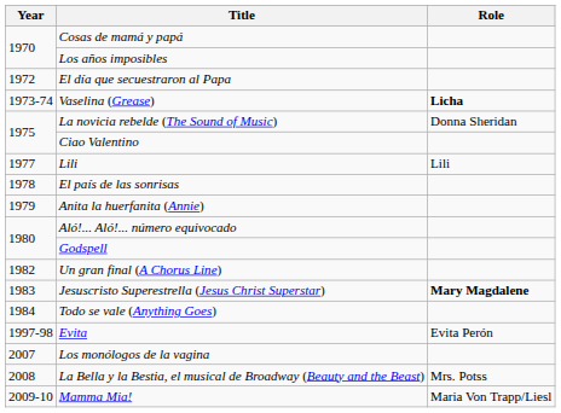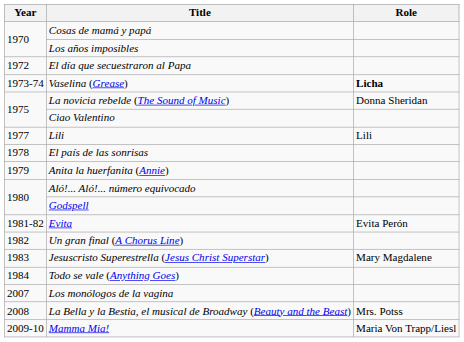 <table class="wikitable">
 <tr style="background:#b0c4de;">
 <th>Year</th>
 <th>Title</th>
 <th>Role</th>
 </tr>
 <tr>
 <td rowspan=2>1970</td>
 <td><em>Cosas de mamá y papá</em></td>
 <td></td>
 </tr>
 <tr>
 <td><em>Los años imposibles</em></td>
 <td></td>
 </tr>
 <tr>
 <td>1972</td>
 <td><em>El día que secuestraron al Papa</em></td>
 <td></td>
 </tr>
 <tr>
 <td>1973-74</td>
 <td><em>Vaselina</em> (<em><a href='#'>Grease</a></em>)</td>
 <td><strong>Licha</strong></td>
 </tr>
 <tr>
 <td rowspan=2>1975</td>
 <td><em>La novicia rebelde</em> (<em><a href='#'>The Sound of Music</a></em>)</td>
 <td>Donna Sheridan</td>
 </tr>
 <tr>
 <td><em>Ciao Valentino</em></td>
 <td></td>
 </tr>
 <tr>
 <td>1977</td>
 <td><em>Lili</em></td>
 <td>Lili</td>
 </tr>
 <tr>
 <td>1978</td>
 <td><em>El país de las sonrisas</em></td>
 <td></td>
 </tr>
 <tr>
 <td>1979</td>
 <td><em>Anita la huerfanita</em> (<em><a href='#'>Annie</a></em>)</td>
 <td></td>
 </tr>
 <tr>
 <td rowspan=2>1980</td>
 <td><em>Aló!... Aló!... número equivocado</em></td>
 <td></td>
 </tr>
 <tr>
 <td><em><a href='#'>Godspell</a></em></td>
 <td></td>
 </tr>
 <tr>
+<td>1981-82</td>
+<td><em><a href='#'>Evita</a></em></td>
+<td>Evita Perón</td>
+</tr>
+<tr>
 <td>1982</td>
 <td><em>Un gran final</em> (<em><a href='#'>A Chorus Line</a></em>)</td>
 <td></td>
 </tr>
 <tr>
 <td>1983</td>
 <td><em>Jesuscristo Superestrella</em> (<em><a href='#'>Jesus Christ Superstar</a></em>)</td>
-<td><strong>Mary Magdalene</strong></td>
+<td>Mary Magdalene</td>
 </tr>
 <tr>
 <td>1984</td>
 <td><em>Todo se vale</em> (<em><a href='#'>Anything Goes</a></em>)</td>
 <td></td>
-</tr>
-<tr>
-<td>1997-98</td>
-<td><em><a href='#'>Evita</a></em></td>
-<td>Evita Perón</td>
 </tr>
 <tr>
 <td>2007</td>
 <td><em>Los monólogos de la vagina</em></td>
 <td></td>
 </tr>
 <tr>
 <td>2008</td>
 <td><em>La Bella y la Bestia, el musical de Broadway</em> (<em><a href='#'>Beauty and the Beast</a></em>)</td>
 <td>Mrs. Potss</td>
 </tr>
 <tr>
 <td>2009-10</td>
 <td><em><a href='#'>Mamma Mia!</a></em></td>
 <td>Maria Von Trapp/Liesl</td>
 </tr>
 </table>
